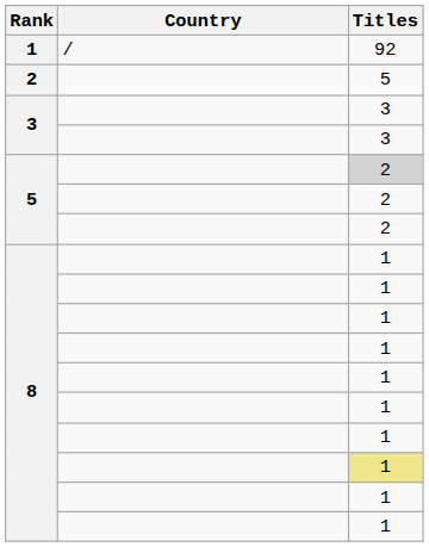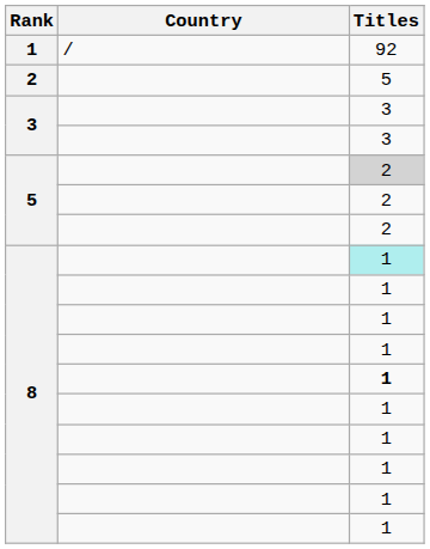 <table class="wikitable sortable">
 <tr>
 <th>Rank</th>
 <th style="width:200px">Country</th>
 <th>Titles</th>
 </tr>
 <tr>
 <th>1</th>
 <td> / </td>
 <td style="text-align:center">92</td>
 </tr>
 <tr>
 <th>2</th>
 <td></td>
 <td style="text-align:center">5</td>
 </tr>
 <tr>
 <th rowspan="2">3</th>
 <td></td>
 <td style="text-align:center">3</td>
 </tr>
 <tr>
 <td></td>
 <td style="text-align:center">3</td>
 </tr>
 <tr>
 <th rowspan="3">5</th>
 <td></td>
 <td style="background: lightgrey; text-align:center">2</td>
 </tr>
 <tr>
 <td></td>
 <td style="text-align:center">2</td>
 </tr>
 <tr>
 <td></td>
 <td style="text-align:center">2</td>
 </tr>
 <tr>
 <th rowspan="10">8</th>
 <td></td>
+<td style="background: paleturquoise; text-align:center">1</td>
+</tr>
+<tr>
+<td></td>
 <td style="text-align:center">1</td>
+</tr>
+<tr>
+<td></td>
+<td style="text-align:center">1</td>
+</tr>
+<tr>
+<td></td>
+<td style="text-align:center">1</td>
+</tr>
+<tr>
+<td></td>
+<td style="text-align:center"><strong>1</strong></td>
 </tr>
 <tr>
 <td></td>
 <td style="text-align:center">1</td>
 </tr>
 <tr>
 <td></td>
 <td style="text-align:center">1</td>
 </tr>
 <tr>
 <td></td>
 <td style="text-align:center">1</td>
 </tr>
 <tr>
 <td></td>
 <td style="text-align:center">1</td>
 </tr>
 <tr>
 <td></td>
 <td style="text-align:center">1</td>
 </tr>
-<tr>
-<td></td>
-<td style="text-align:center">1</td>
-</tr>
-<tr>
-<td></td>
-<td style="background: khaki; text-align:center">1</td>
-</tr>
-<tr>
-<td></td>
-<td style="text-align:center">1</td>
-</tr>
-<tr>
-<td></td>
-<td style="text-align:center">1</td>
-</tr>
 </table>
